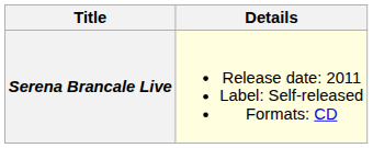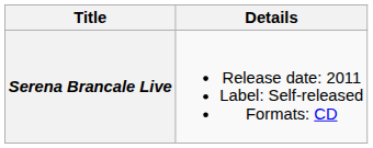 <table class="wikitable plainrowheaders" style="text-align:center;">
 <tr>
 <th scope="col">Title</th>
 <th scope="col">Details</th>
 </tr>
 <tr>
 <th scope="row"><em>Serena Brancale Live</em></th>
-<td style="background: lightyellow;"><br><ul><li>Release date: 2011</li><li>Label: Self-released</li><li>Formats: <a href='#'>CD</a></li></ul></td>
+<td><br><ul><li>Release date: 2011</li><li>Label: Self-released</li><li>Formats: <a href='#'>CD</a></li></ul></td>
 </tr>
 </table>
